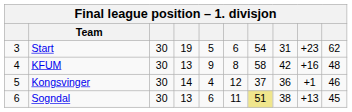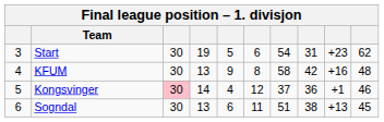 <table class="wikitable" style="text-align:center">
 <tr>
 <th colspan=10><big>Final league position – 1. divisjon</big></th>
 </tr>
 <tr>
 <th width="30"></th>
 <th width="175">Team</th>
 <th width="30"></th>
 <th width="30"></th>
 <th width="30"></th>
 <th width="30"></th>
 <th width="30"></th>
 <th width="30"></th>
 <th width="30"></th>
 <th width="30"></th>
 </tr>
 <tr>
 <td>3</td>
 <td align=left><a href='#'>Start</a></td>
 <td>30</td>
 <td>19</td>
 <td>5</td>
 <td>6</td>
 <td>54</td>
 <td>31</td>
 <td>+23</td>
 <td>62</td>
 </tr>
 <tr>
 <td>4</td>
 <td align=left><a href='#'>KFUM</a></td>
 <td>30</td>
 <td>13</td>
 <td>9</td>
 <td>8</td>
 <td>58</td>
 <td>42</td>
 <td>+16</td>
 <td>48</td>
 </tr>
 <tr>
 <td>5</td>
 <td align=left><a href='#'>Kongsvinger</a></td>
-<td>30</td>
+<td style="background: pink;">30</td>
 <td>14</td>
 <td>4</td>
 <td>12</td>
 <td>37</td>
 <td>36</td>
 <td>+1</td>
 <td>46</td>
 </tr>
 <tr>
 <td>6</td>
 <td align=left><a href='#'>Sogndal</a></td>
 <td>30</td>
 <td>13</td>
 <td>6</td>
 <td>11</td>
-<td style="background: khaki;">51</td>
+<td>51</td>
 <td>38</td>
 <td>+13</td>
 <td>45</td>
 </tr>
 </table>
